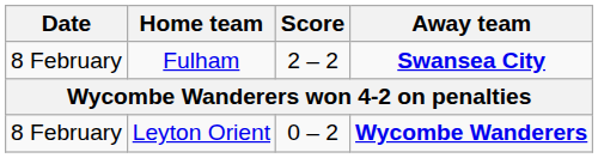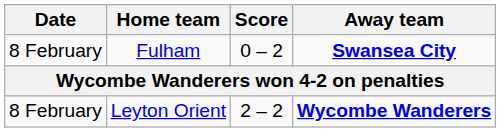 <table class="wikitable" style="text-align: center">
 <tr>
 <th>Date</th>
 <th>Home team</th>
 <th>Score</th>
 <th>Away team</th>
 </tr>
 <tr>
 <td>8 February</td>
 <td><a href='#'>Fulham</a></td>
-<td>2 – 2</td>
+<td>0 – 2</td>
 <td><strong><a href='#'>Swansea City</a></strong></td>
 </tr>
 <tr>
 <th colspan="5">Wycombe Wanderers won 4-2 on penalties</th>
 </tr>
 <tr>
 <td>8 February</td>
 <td><a href='#'>Leyton Orient</a></td>
-<td>0 – 2</td>
+<td>2 – 2</td>
 <td><strong><a href='#'>Wycombe Wanderers</a></strong></td>
 </tr>
 </table>
